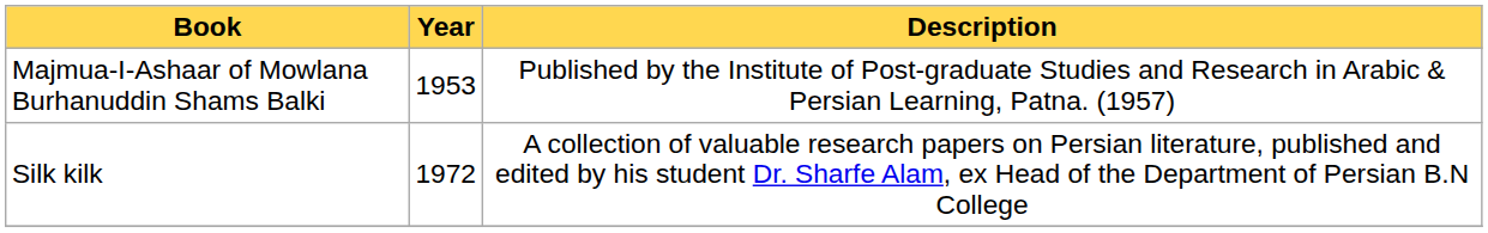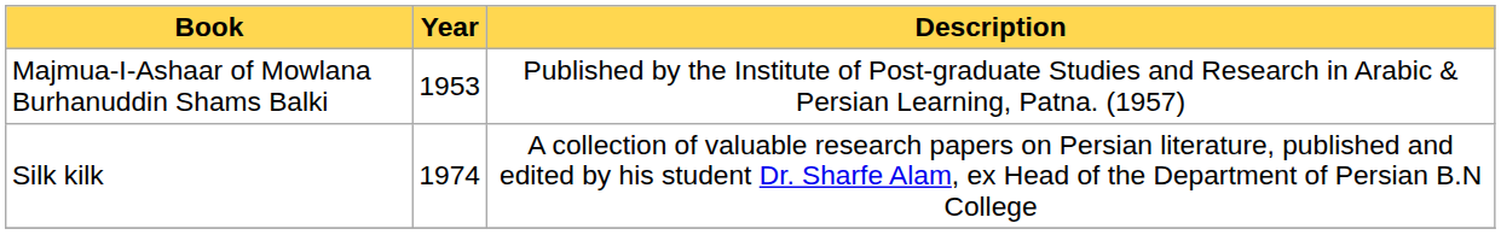 <table class="wikitable sortable" style="background:#fff; align:right;">
 <tr>
 <th style="background:#ffd750;">Book</th>
 <th style="background:#ffd750;">Year</th>
 <th style="background:#ffd750;">Description</th>
 </tr>
 <tr>
 <td>Majmua-I-Ashaar of Mowlana Burhanuddin Shams Balki</td>
 <td style="text-align:center;">1953</td>
 <td style="text-align:center;">Published by the Institute of Post-graduate Studies and Research in Arabic & Persian Learning, Patna. (1957)</td>
 </tr>
 <tr>
 <td>Silk kilk</td>
-<td style="text-align:center;">1972</td>
+<td style="text-align:center;">1974</td>
 <td style="text-align:center;">A collection of valuable research papers on Persian literature, published and edited by his student <a href='#'>Dr. Sharfe Alam</a>, ex Head of the Department of Persian B.N College</td>
 </tr>
 <tr>
 </tr>
 </table>
